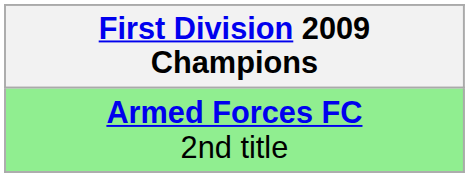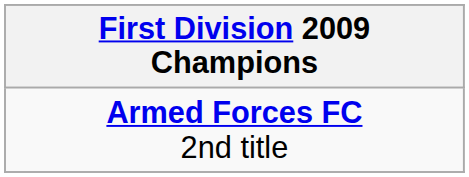 <table class="wikitable" style="margin: 0 auto; width: 240px;">
 <tr>
 <th><a href='#'>First Division</a> 2009<br>Champions</th>
 </tr>
 <tr>
-<td align=center style="background: lightgreen;"><strong><a href='#'>Armed Forces FC</a></strong><br>2nd title</td>
+<td align=center><strong><a href='#'>Armed Forces FC</a></strong><br>2nd title</td>
 </tr>
 </table>
